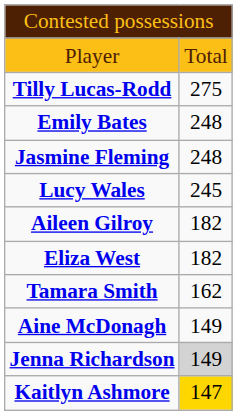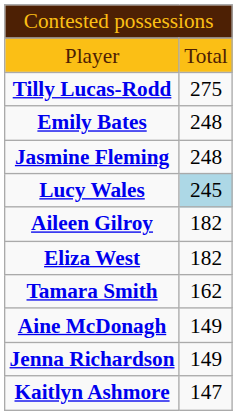 <table class="wikitable" style="text-align:center;">
 <tr>
 <td colspan="2" style="text-align:center; background: #4D2004; color: #FBBF15">Contested possessions</td>
 </tr>
 <tr>
 <td style="text-align:center; background: #FBBF15; color: #4D2004">Player</td>
 <td style="text-align:center; background: #FBBF15; color: #4D2004">Total</td>
 </tr>
 <tr>
 <td><strong><a href='#'>Tilly Lucas-Rodd</a></strong></td>
 <td>275</td>
 </tr>
 <tr>
 <td><strong><a href='#'>Emily Bates</a></strong></td>
 <td>248</td>
 </tr>
 <tr>
 <td><strong><a href='#'>Jasmine Fleming</a></strong></td>
 <td>248</td>
 </tr>
 <tr>
 <td><strong><a href='#'>Lucy Wales</a></strong></td>
-<td>245</td>
+<td style="background: lightblue;">245</td>
 </tr>
 <tr>
 <td><strong><a href='#'>Aileen Gilroy</a></strong></td>
 <td>182</td>
 </tr>
 <tr>
 <td><strong><a href='#'>Eliza West</a></strong></td>
 <td>182</td>
 </tr>
 <tr>
 <td><strong><a href='#'>Tamara Smith</a></strong></td>
 <td>162</td>
 </tr>
 <tr>
 <td><strong><a href='#'>Aine McDonagh</a></strong></td>
 <td>149</td>
 </tr>
 <tr>
 <td><strong><a href='#'>Jenna Richardson</a></strong></td>
-<td style="background: lightgrey;">149</td>
+<td>149</td>
 </tr>
 <tr>
 <td><strong><a href='#'>Kaitlyn Ashmore</a></strong></td>
-<td style="background: gold;">147</td>
+<td>147</td>
 </tr>
 </table>
